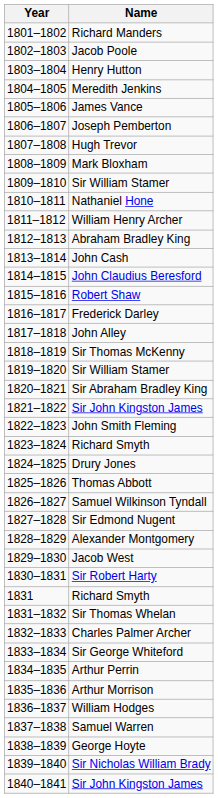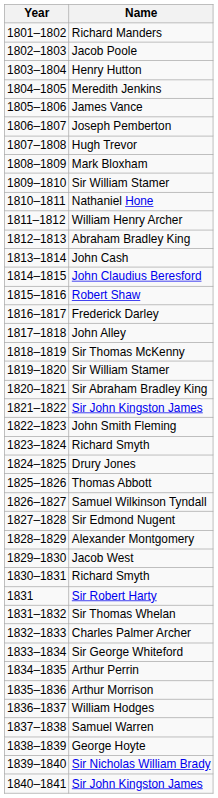 <table class="wikitable">
 <tr>
 <th>Year</th>
 <th>Name</th>
 </tr>
 <tr>
 <td>1801–1802</td>
 <td>Richard Manders</td>
 </tr>
 <tr>
 <td>1802–1803</td>
 <td>Jacob Poole</td>
 </tr>
 <tr>
 <td>1803–1804</td>
 <td>Henry Hutton</td>
 </tr>
 <tr>
 <td>1804–1805</td>
 <td>Meredith Jenkins</td>
 </tr>
 <tr>
 <td>1805–1806</td>
 <td>James Vance</td>
 </tr>
 <tr>
 <td>1806–1807</td>
 <td>Joseph Pemberton</td>
 </tr>
 <tr>
 <td>1807–1808</td>
 <td>Hugh Trevor</td>
 </tr>
 <tr>
 <td>1808–1809</td>
 <td>Mark Bloxham</td>
 </tr>
 <tr>
 <td>1809–1810</td>
 <td>Sir William Stamer</td>
 </tr>
 <tr>
 <td>1810–1811</td>
 <td>Nathaniel <a href='#'>Hone</a></td>
 </tr>
 <tr>
 <td>1811–1812</td>
 <td>William Henry Archer</td>
 </tr>
 <tr>
 <td>1812–1813</td>
 <td>Abraham Bradley King</td>
 </tr>
 <tr>
 <td>1813–1814</td>
 <td>John Cash</td>
 </tr>
 <tr>
 <td>1814–1815</td>
 <td><a href='#'>John Claudius Beresford</a></td>
 </tr>
 <tr>
 <td>1815–1816</td>
 <td><a href='#'>Robert Shaw</a></td>
 </tr>
 <tr>
 <td>1816–1817</td>
 <td>Frederick Darley</td>
 </tr>
 <tr>
 <td>1817–1818</td>
 <td>John Alley</td>
 </tr>
 <tr>
 <td>1818–1819</td>
 <td>Sir Thomas McKenny</td>
 </tr>
 <tr>
 <td>1819–1820</td>
 <td>Sir William Stamer</td>
 </tr>
 <tr>
 <td>1820–1821</td>
 <td>Sir Abraham Bradley King</td>
 </tr>
 <tr>
 <td>1821–1822</td>
 <td><a href='#'>Sir John Kingston James</a></td>
 </tr>
 <tr>
 <td>1822–1823</td>
 <td>John Smith Fleming</td>
 </tr>
 <tr>
 <td>1823–1824</td>
 <td>Richard Smyth</td>
 </tr>
 <tr>
 <td>1824–1825</td>
 <td>Drury Jones</td>
 </tr>
 <tr>
 <td>1825–1826</td>
 <td>Thomas Abbott</td>
 </tr>
 <tr>
 <td>1826–1827</td>
 <td>Samuel Wilkinson Tyndall</td>
 </tr>
 <tr>
 <td>1827–1828</td>
 <td>Sir Edmond Nugent</td>
 </tr>
 <tr>
 <td>1828–1829</td>
 <td>Alexander Montgomery</td>
 </tr>
 <tr>
 <td>1829–1830</td>
 <td>Jacob West</td>
 </tr>
 <tr>
 <td>1830–1831</td>
-<td><a href='#'>Sir Robert Harty</a></td>
+<td>Richard Smyth</td>
 </tr>
 <tr>
 <td>1831</td>
-<td>Richard Smyth</td>
+<td><a href='#'>Sir Robert Harty</a></td>
 </tr>
 <tr>
 <td>1831–1832</td>
 <td>Sir Thomas Whelan</td>
 </tr>
 <tr>
 <td>1832–1833</td>
 <td>Charles Palmer Archer</td>
 </tr>
 <tr>
 <td>1833–1834</td>
 <td>Sir George Whiteford</td>
 </tr>
 <tr>
 <td>1834–1835</td>
 <td>Arthur Perrin</td>
 </tr>
 <tr>
 <td>1835–1836</td>
 <td>Arthur Morrison</td>
 </tr>
 <tr>
 <td>1836–1837</td>
 <td>William Hodges</td>
 </tr>
 <tr>
 <td>1837–1838</td>
 <td>Samuel Warren</td>
 </tr>
 <tr>
 <td>1838–1839</td>
 <td>George Hoyte</td>
 </tr>
 <tr>
 <td>1839–1840</td>
 <td><a href='#'>Sir Nicholas William Brady</a></td>
 </tr>
 <tr>
 <td>1840–1841</td>
 <td><a href='#'>Sir John Kingston James</a></td>
 </tr>
 </table>
